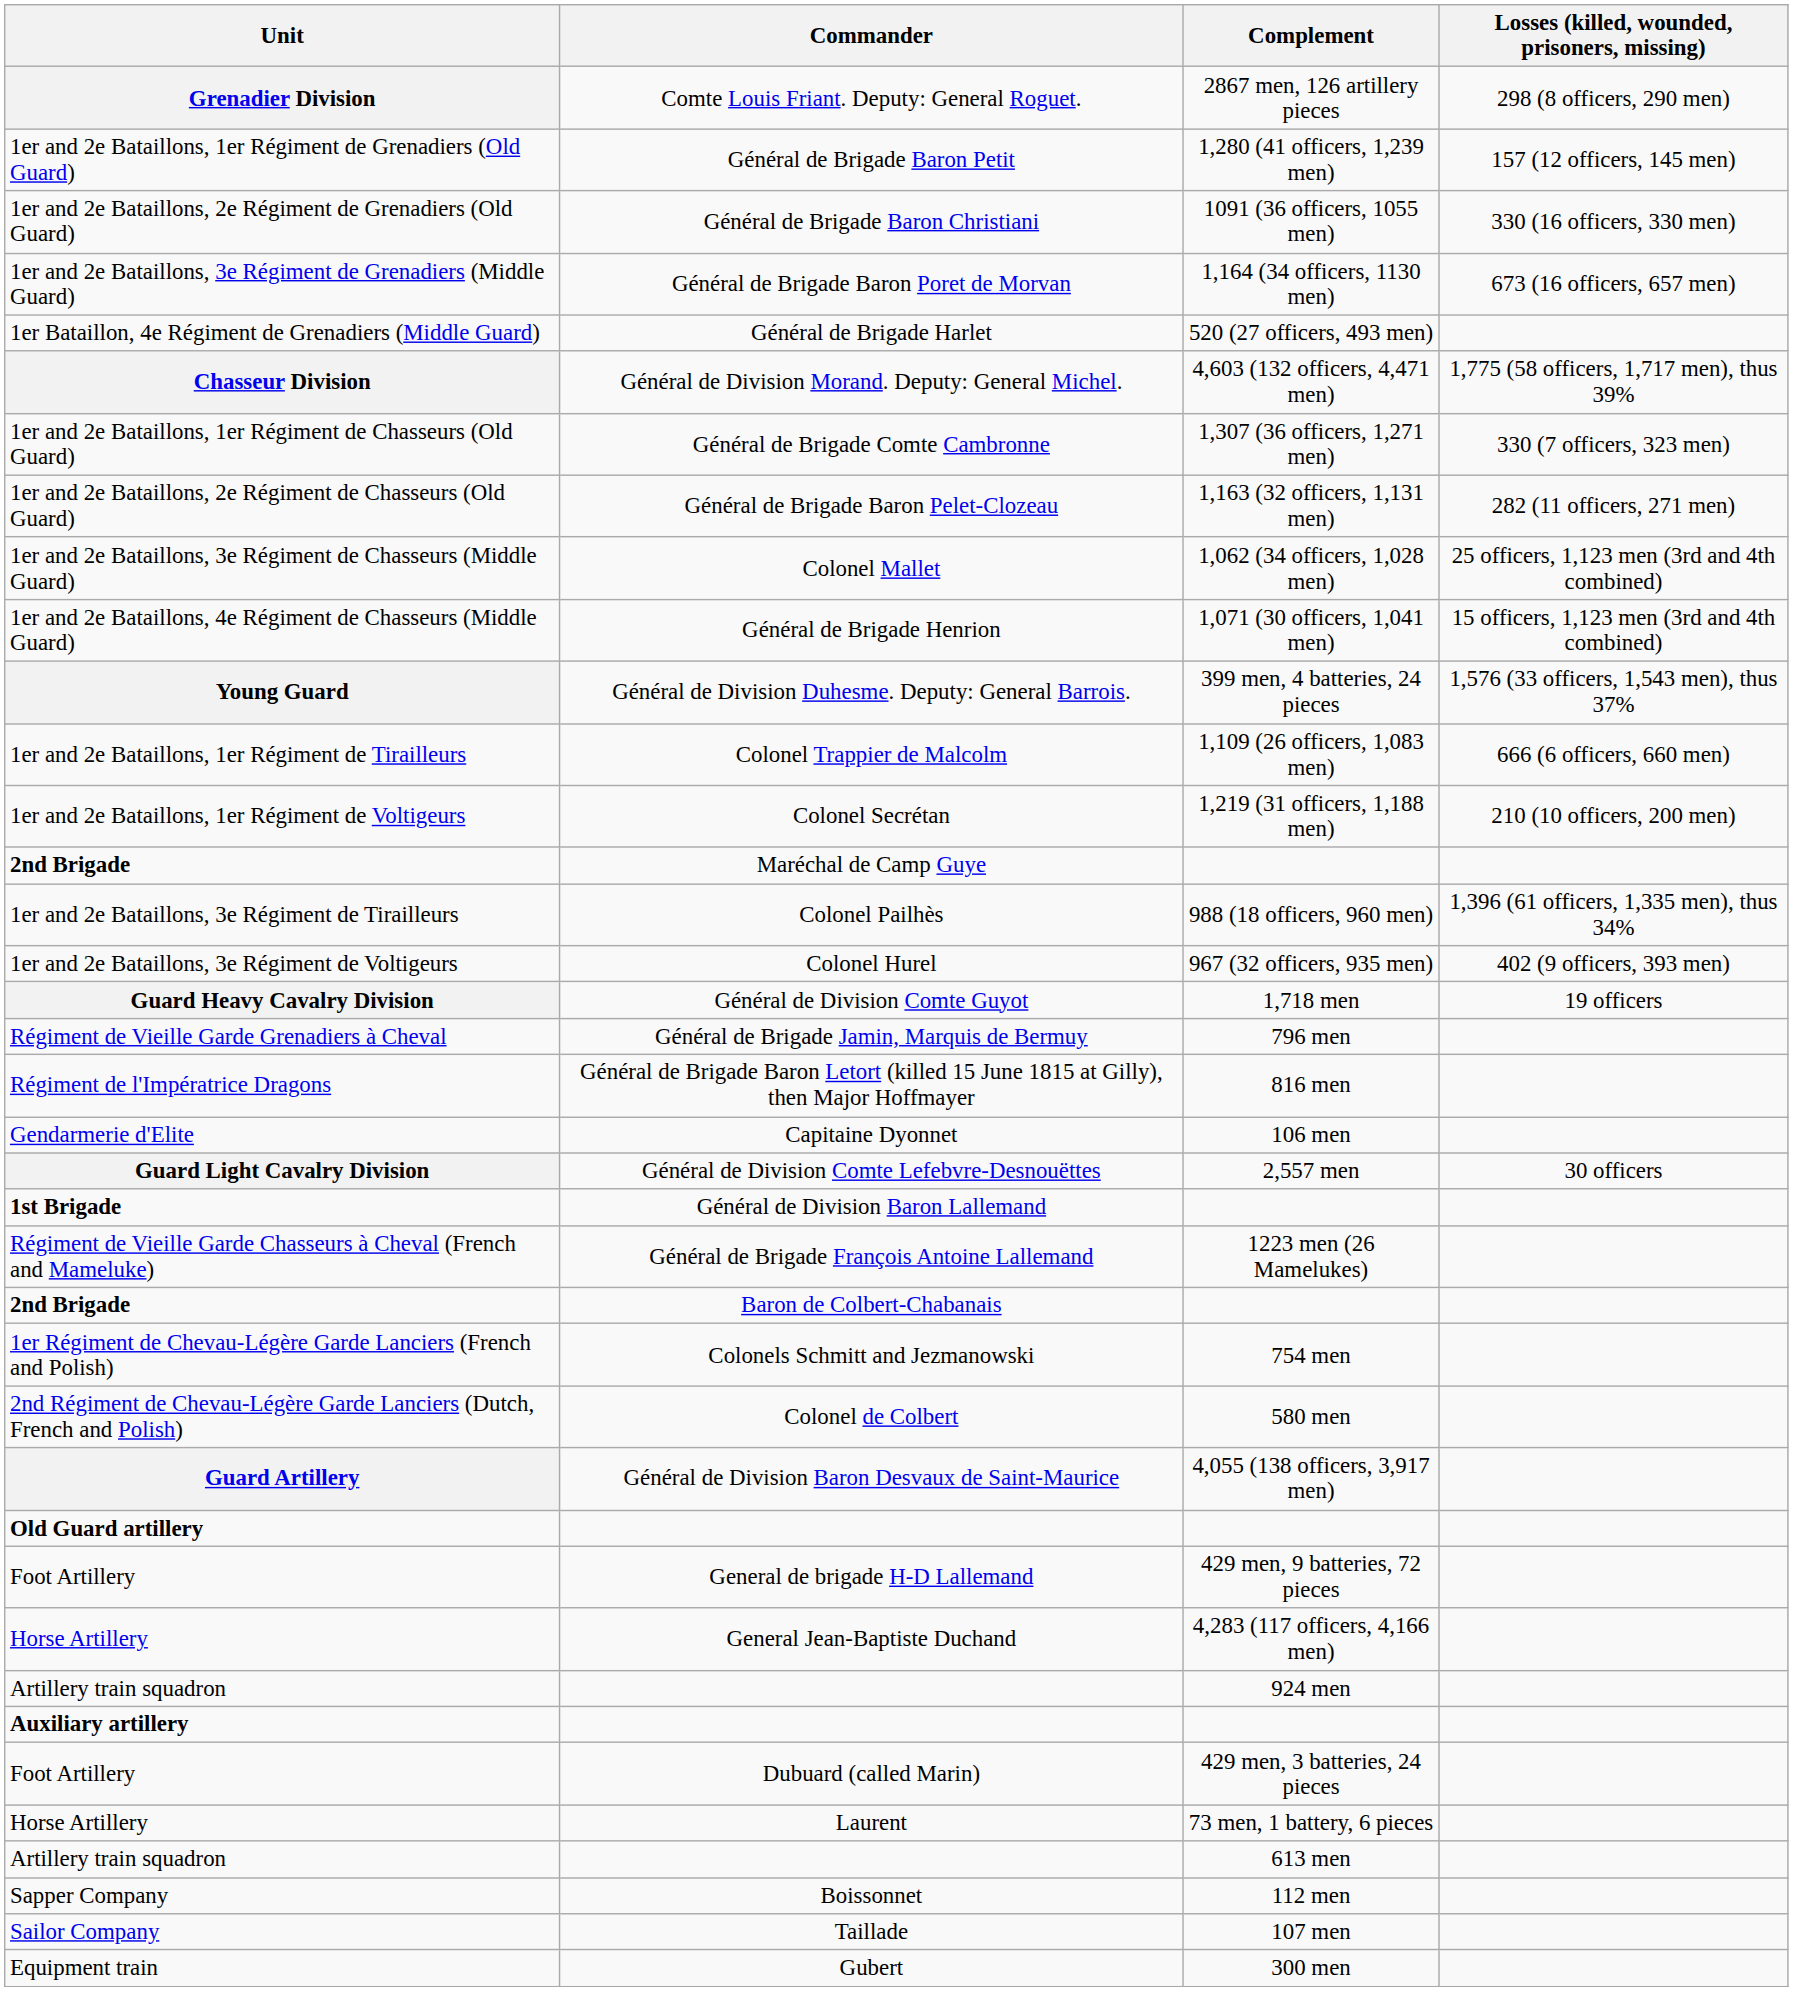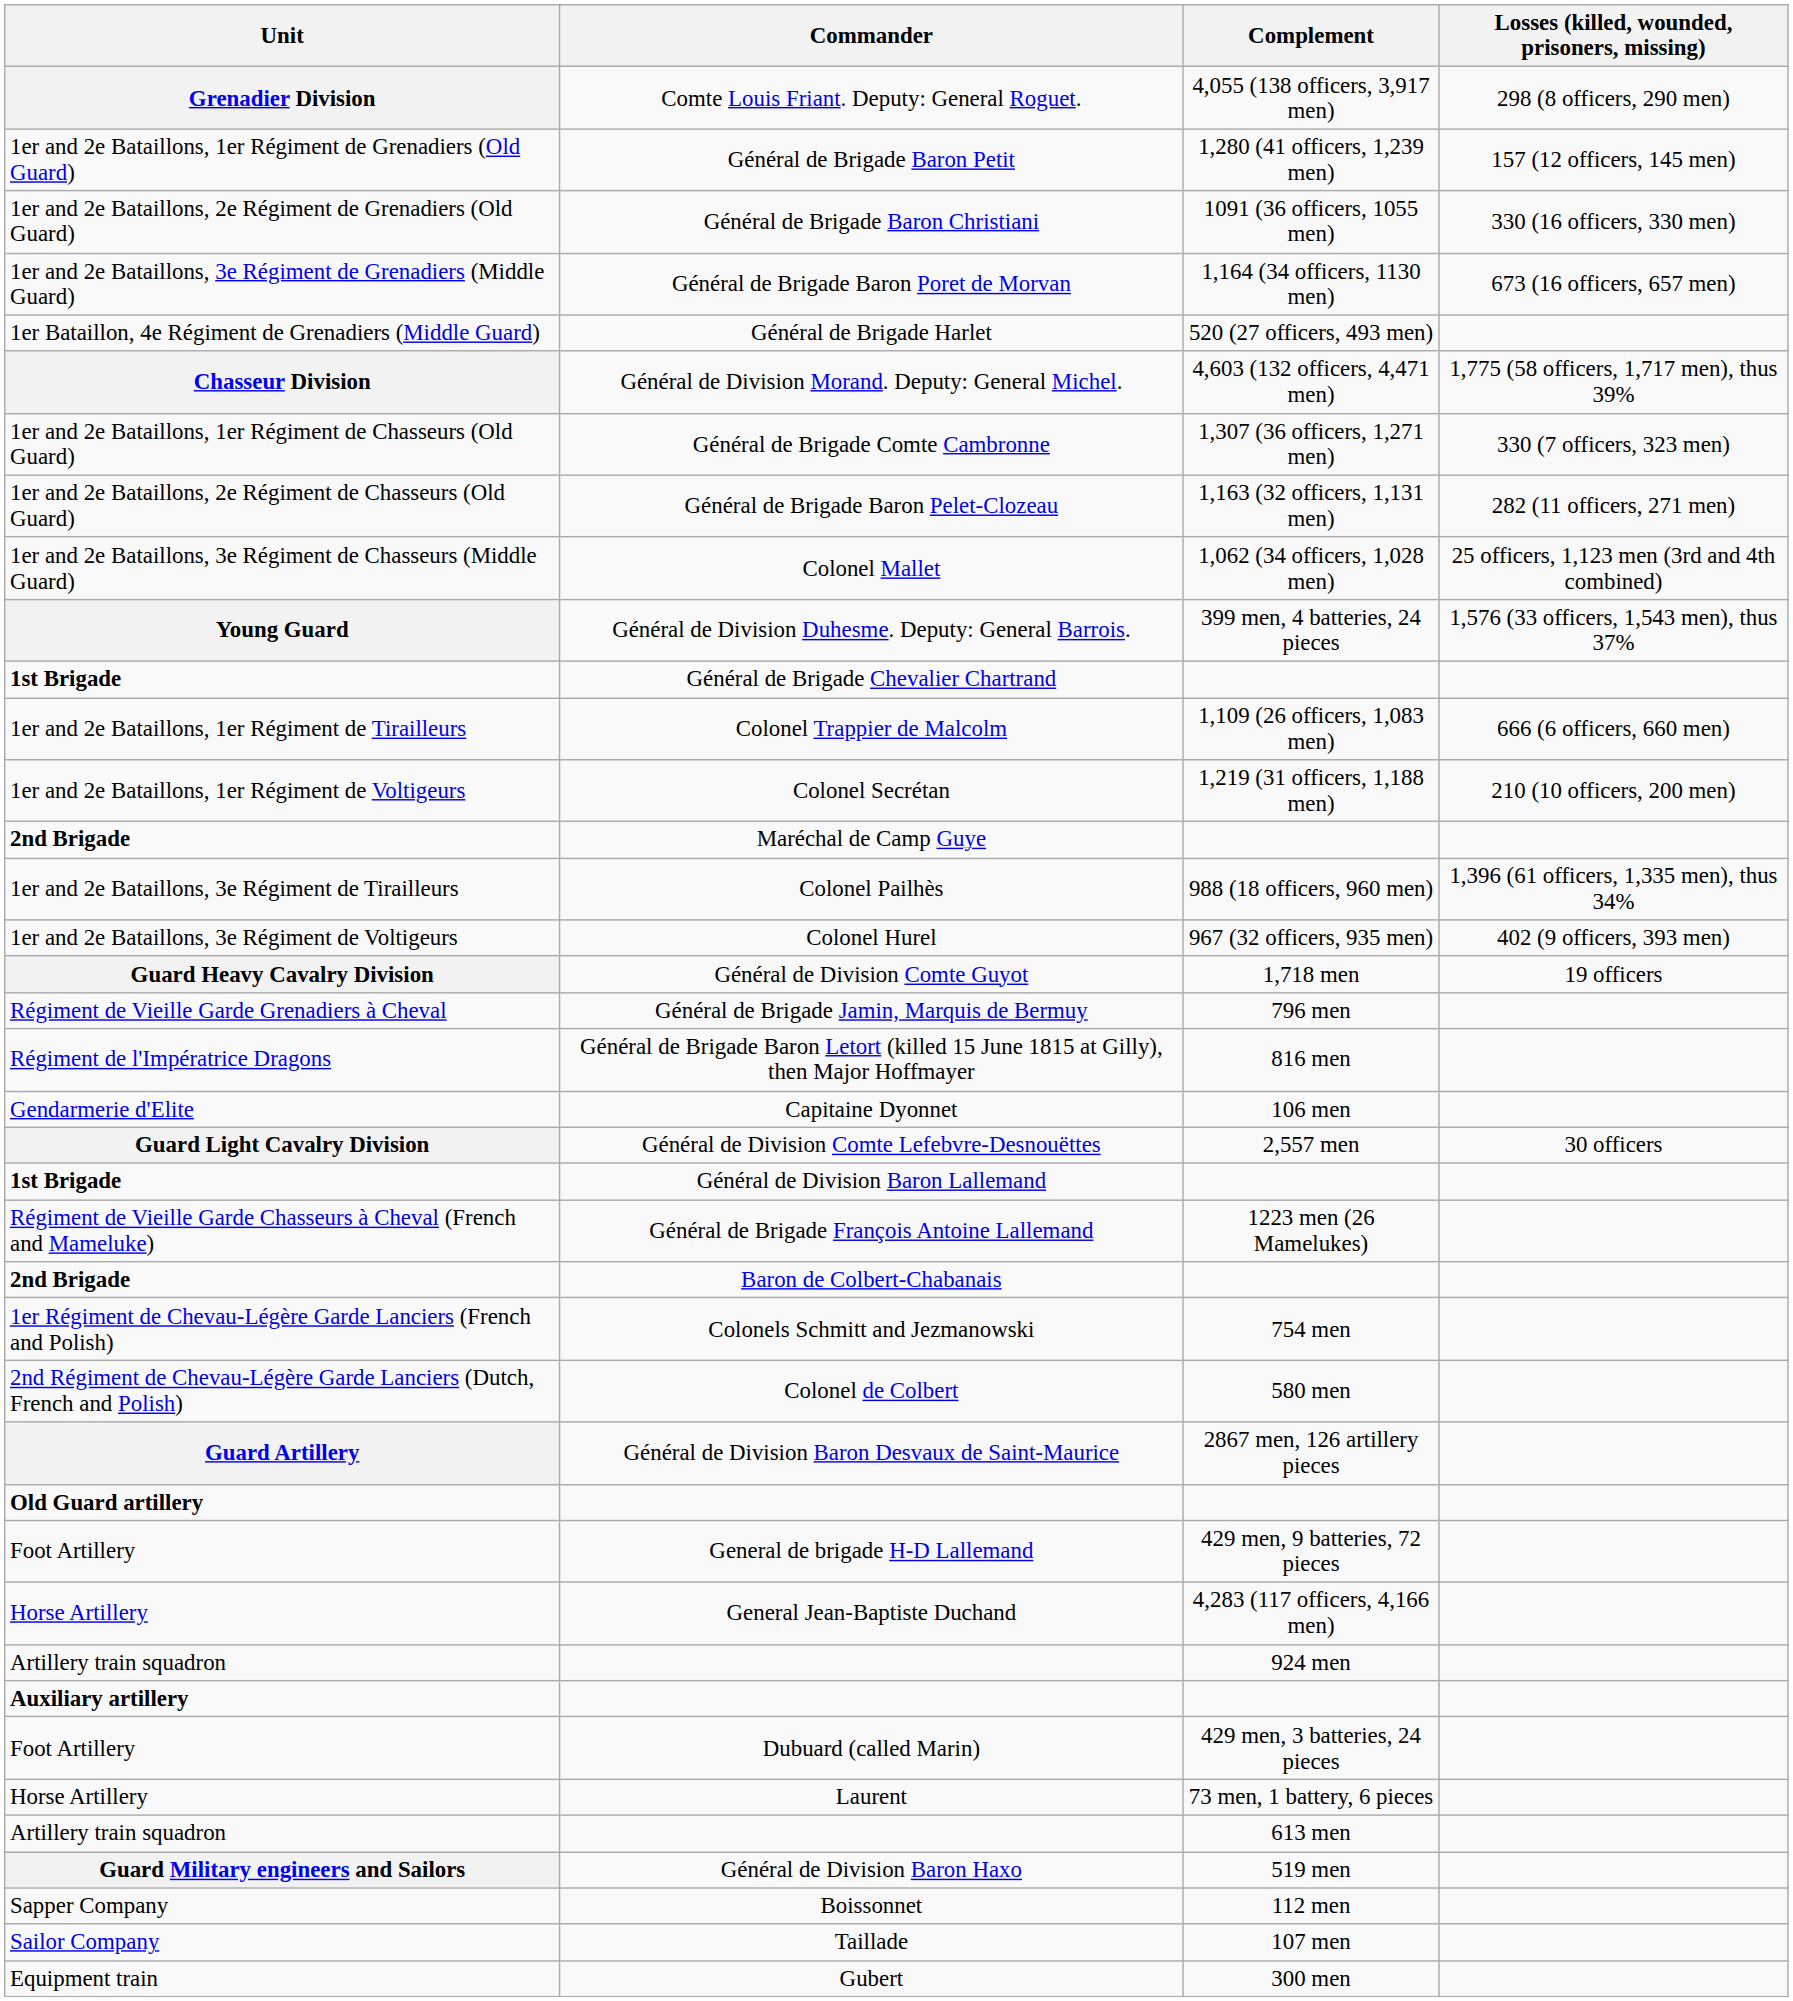 <table class="wikitable">
 <tr>
 <th>Unit</th>
 <th>Commander</th>
 <th>Complement</th>
 <th>Losses (killed, wounded, prisoners, missing)</th>
 </tr>
 <tr>
 <th colspan="1" bgcolor="#f9f9f9;"><a href='#'>Grenadier</a> Division</th>
 <td align="center">Comte <a href='#'>Louis Friant</a>. Deputy: General <a href='#'>Roguet</a>.</td>
-<td align="center">2867 men, 126 artillery pieces</td>
+<td align="center">4,055 (138 officers, 3,917 men)</td>
 <td align="center">298 (8 officers, 290 men)</td>
 </tr>
 <tr>
 <td>1er and 2e Bataillons, 1er Régiment de Grenadiers (<a href='#'>Old Guard</a>)</td>
 <td align="center">Général de Brigade <a href='#'>Baron Petit</a></td>
 <td align="center">1,280 (41 officers, 1,239 men)</td>
 <td align="center">157 (12 officers, 145 men)</td>
 </tr>
 <tr>
 <td>1er and 2e Bataillons, 2e Régiment de Grenadiers (Old Guard)</td>
 <td align="center">Général de Brigade <a href='#'>Baron Christiani</a></td>
 <td align="center">1091 (36 officers, 1055 men)</td>
 <td align="center">330 (16 officers, 330 men)</td>
 </tr>
 <tr>
 <td>1er and 2e Bataillons, <a href='#'>3e Régiment de Grenadiers</a> (Middle Guard)</td>
 <td align="center">Général de Brigade Baron <a href='#'>Poret de Morvan</a></td>
 <td align="center">1,164 (34 officers, 1130 men)</td>
 <td align="center">673 (16 officers, 657 men)</td>
 </tr>
 <tr>
 <td>1er Bataillon, 4e Régiment de Grenadiers (<a href='#'>Middle Guard</a>)</td>
 <td align="center">Général de Brigade Harlet</td>
 <td align="center">520 (27 officers, 493 men)</td>
 <td align="center"></td>
 </tr>
 <tr>
 <th colspan="1" bgcolor="#f9f9f9;"><a href='#'>Chasseur</a> Division</th>
 <td align="center">Général de Division <a href='#'>Morand</a>. Deputy: General <a href='#'>Michel</a>.</td>
 <td align="center">4,603 (132 officers, 4,471 men)</td>
 <td align="center">1,775 (58 officers, 1,717 men), thus 39%</td>
 </tr>
 <tr>
 <td>1er and 2e Bataillons, 1er Régiment de Chasseurs (Old Guard)</td>
 <td align="center">Général de Brigade Comte <a href='#'>Cambronne</a></td>
 <td align="center">1,307 (36 officers, 1,271 men)</td>
 <td align="center">330 (7 officers, 323 men)</td>
 </tr>
 <tr>
 <td>1er and 2e Bataillons, 2e Régiment de Chasseurs (Old Guard)</td>
 <td align="center">Général de Brigade Baron <a href='#'>Pelet-Clozeau</a></td>
 <td align="center">1,163 (32 officers, 1,131 men)</td>
 <td align="center">282 (11 officers, 271 men)</td>
 </tr>
 <tr>
 <td>1er and 2e Bataillons, 3e Régiment de Chasseurs (Middle Guard)</td>
 <td align="center">Colonel <a href='#'>Mallet</a></td>
 <td align="center">1,062 (34 officers, 1,028 men)</td>
 <td align="center">25 officers, 1,123 men (3rd and 4th combined)</td>
 </tr>
 <tr>
-<td>1er and 2e Bataillons, 4e Régiment de Chasseurs (Middle Guard)</td>
-<td align="center">Général de Brigade Henrion</td>
-<td align="center">1,071 (30 officers, 1,041 men)</td>
-<td align="center">15 officers, 1,123 men (3rd and 4th combined)</td>
-</tr>
-<tr>
 <th colspan="1" bgcolor="#f9f9f9;">Young Guard</th>
 <td align="center">Général de Division <a href='#'>Duhesme</a>. Deputy: General <a href='#'>Barrois</a>.</td>
 <td align="center">399 men, 4 batteries, 24 pieces</td>
 <td align="center">1,576 (33 officers, 1,543 men), thus 37%</td>
+</tr>
+<tr>
+<td><strong>1st Brigade</strong></td>
+<td align="center">Général de Brigade <a href='#'>Chevalier Chartrand</a></td>
+<td align="center"></td>
+<td align="center"></td>
 </tr>
 <tr>
 <td>1er and 2e Bataillons, 1er Régiment de <a href='#'>Tirailleurs</a></td>
 <td align="center">Colonel <a href='#'>Trappier de Malcolm</a></td>
 <td align="center">1,109 (26 officers, 1,083 men)</td>
 <td align="center">666 (6 officers, 660 men)</td>
 </tr>
 <tr>
 <td>1er and 2e Bataillons, 1er Régiment de <a href='#'>Voltigeurs</a></td>
 <td align="center">Colonel Secrétan</td>
 <td align="center">1,219 (31 officers, 1,188 men)</td>
 <td align="center">210 (10 officers, 200 men)</td>
 </tr>
 <tr>
 <td><strong>2nd Brigade</strong></td>
 <td align="center">Maréchal de Camp <a href='#'>Guye</a></td>
 <td align="center"></td>
 <td align="center"></td>
 </tr>
 <tr>
 <td>1er and 2e Bataillons, 3e Régiment de Tirailleurs</td>
 <td align="center">Colonel Pailhès</td>
 <td align="center">988 (18 officers, 960 men)</td>
 <td align="center">1,396 (61 officers, 1,335 men), thus 34%</td>
 </tr>
 <tr>
 <td>1er and 2e Bataillons, 3e Régiment de Voltigeurs</td>
 <td align="center">Colonel Hurel</td>
 <td align="center">967 (32 officers, 935 men)</td>
 <td align="center">402 (9 officers, 393 men)</td>
 </tr>
 <tr>
 <th colspan="1" bgcolor="#f9f9f9;">Guard Heavy Cavalry Division</th>
 <td align="center">Général de Division <a href='#'>Comte Guyot</a></td>
 <td align="center">1,718 men</td>
 <td align="center">19 officers</td>
 </tr>
 <tr>
 <td><a href='#'>Régiment de Vieille Garde Grenadiers à Cheval</a></td>
 <td align="center">Général de Brigade <a href='#'>Jamin, Marquis de Bermuy</a></td>
 <td align="center">796 men</td>
 <td align="center"></td>
 </tr>
 <tr>
 <td><a href='#'>Régiment de l'Impératrice Dragons</a></td>
 <td align="center">Général de Brigade Baron <a href='#'>Letort</a> (killed 15 June 1815 at Gilly), then Major Hoffmayer</td>
 <td align="center">816 men</td>
 <td align="center"></td>
 </tr>
 <tr>
 <td><a href='#'>Gendarmerie d'Elite</a></td>
 <td align="center">Capitaine Dyonnet</td>
 <td align="center">106 men</td>
 <td align="center"></td>
 </tr>
 <tr>
 <th colspan="1" bgcolor="#f9f9f9;">Guard Light Cavalry Division</th>
 <td align="center">Général de Division <a href='#'>Comte Lefebvre-Desnouëttes</a></td>
 <td align="center">2,557 men</td>
 <td align="center">30 officers</td>
 </tr>
 <tr>
 <td><strong>1st Brigade</strong></td>
 <td align="center">Général de Division <a href='#'>Baron Lallemand</a></td>
 <td align="center"></td>
 <td align="center"></td>
 </tr>
 <tr>
 <td><a href='#'>Régiment de Vieille Garde Chasseurs à Cheval</a> (French and <a href='#'>Mameluke</a>)</td>
 <td align="center">Général de Brigade <a href='#'>François Antoine Lallemand</a></td>
 <td align="center">1223 men (26 Mamelukes)</td>
 <td align="center"></td>
 </tr>
 <tr>
 <td><strong>2nd Brigade</strong></td>
 <td align="center"><a href='#'>Baron de Colbert-Chabanais</a></td>
 <td align="center"></td>
 <td align="center"></td>
 </tr>
 <tr>
 <td><a href='#'>1er Régiment de Chevau-Légère Garde Lanciers</a> (French and Polish)</td>
 <td align="center">Colonels Schmitt and Jezmanowski</td>
 <td align="center">754 men</td>
 <td align="center"></td>
 </tr>
 <tr>
 <td><a href='#'>2nd Régiment de Chevau-Légère Garde Lanciers</a> (Dutch, French and <a href='#'>Polish</a>)</td>
 <td align="center">Colonel <a href='#'>de Colbert</a></td>
 <td align="center">580 men</td>
 <td align="center"></td>
 </tr>
 <tr>
 <th colspan="1" bgcolor="#f9f9f9;"><strong><a href='#'>Guard Artillery</a></strong></th>
 <td align="center">Général de Division <a href='#'>Baron Desvaux de Saint-Maurice</a></td>
-<td align="center">4,055 (138 officers, 3,917 men)</td>
+<td align="center">2867 men, 126 artillery pieces</td>
 <td align="center"></td>
 </tr>
 <tr>
 <td><strong>Old Guard artillery</strong></td>
 <td align="center"></td>
 <td align="center"></td>
 <td align="center"></td>
 </tr>
 <tr>
 <td>Foot Artillery</td>
 <td align="center">General de brigade <a href='#'>H-D Lallemand</a></td>
 <td align="center">429 men, 9 batteries, 72 pieces</td>
 <td align="center"></td>
 </tr>
 <tr>
 <td><a href='#'>Horse Artillery</a></td>
 <td align="center">General Jean-Baptiste Duchand</td>
 <td align="center">4,283 (117 officers, 4,166 men)</td>
 <td align="center"></td>
 </tr>
 <tr>
 <td>Artillery train squadron</td>
 <td align="center"></td>
 <td align="center">924 men</td>
 <td align="center"></td>
 </tr>
 <tr>
 <td><strong>Auxiliary artillery</strong></td>
 <td align="center"></td>
 <td align="center"></td>
 <td align="center"></td>
 </tr>
 <tr>
 <td>Foot Artillery</td>
 <td align="center">Dubuard (called Marin)</td>
 <td align="center">429 men, 3 batteries, 24 pieces</td>
 <td align="center"></td>
 </tr>
 <tr>
 <td>Horse Artillery</td>
 <td align="center">Laurent</td>
 <td align="center">73 men, 1 battery, 6 pieces</td>
 <td align="center"></td>
 </tr>
 <tr>
 <td>Artillery train squadron</td>
 <td align="center"></td>
 <td align="center">613 men</td>
 <td align="center"></td>
 </tr>
 <tr>
+<th colspan="1" bgcolor="#f9f9f9;"><strong>Guard <a href='#'>Military engineers</a> and Sailors</strong></th>
+<td align="center">Général de Division <a href='#'>Baron Haxo</a></td>
+<td align="center">519 men</td>
+<td align="center"></td>
+</tr>
+<tr>
 <td>Sapper Company</td>
 <td align="center">Boissonnet</td>
 <td align="center">112 men</td>
 <td align="center"></td>
 </tr>
 <tr>
 <td><a href='#'>Sailor Company</a></td>
 <td align="center">Taillade</td>
 <td align="center">107 men</td>
 <td align="center"></td>
 </tr>
 <tr>
 <td>Equipment train</td>
 <td align="center">Gubert</td>
 <td align="center">300 men</td>
 <td align="center"></td>
 </tr>
 <tr>
 </tr>
 </table>
